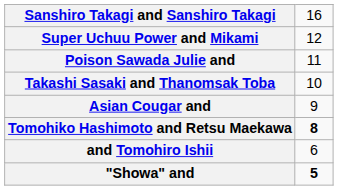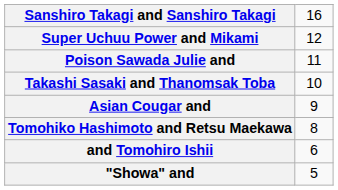 <table class="wikitable" style="margin: 1em auto 1em auto;text-align:center">
 <tr>
 <th><a href='#'>Sanshiro Takagi</a> and <a href='#'>Sanshiro Takagi</a></th>
 <td style="width:35px">16</td>
 </tr>
 <tr>
 <th><a href='#'>Super Uchuu Power</a> and <a href='#'>Mikami</a></th>
 <td>12</td>
 </tr>
 <tr>
 <th><a href='#'>Poison Sawada Julie</a> and </th>
 <td>11</td>
 </tr>
 <tr>
 <th><a href='#'>Takashi Sasaki</a> and <a href='#'>Thanomsak Toba</a></th>
 <td>10</td>
 </tr>
 <tr>
 <th><a href='#'>Asian Cougar</a> and </th>
 <td>9</td>
 </tr>
 <tr>
 <th><a href='#'>Tomohiko Hashimoto</a> and Retsu Maekawa</th>
-<td><strong>8</strong></td>
+<td>8</td>
 </tr>
 <tr>
 <th> and <a href='#'>Tomohiro Ishii</a></th>
 <td>6</td>
 </tr>
 <tr>
 <th>"Showa" and </th>
-<td><strong>5</strong></td>
+<td>5</td>
 </tr>
 </table>
